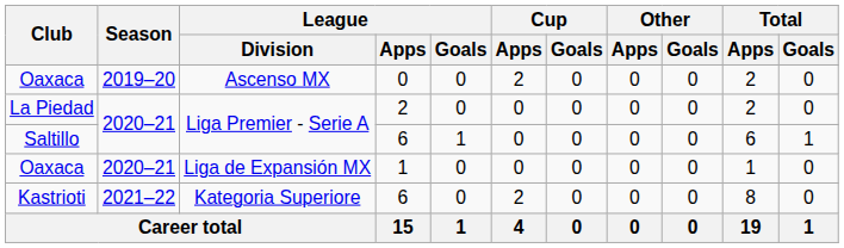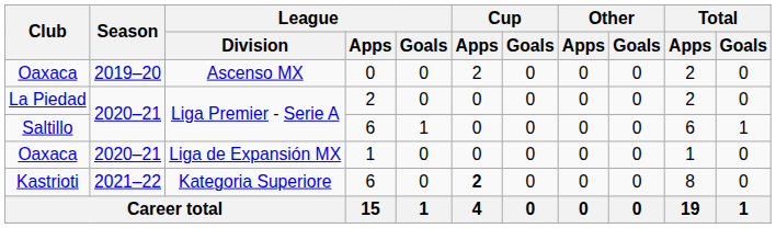 <table class=wikitable style=text-align:center>
 <tr>
 <th rowspan="2">Club</th>
 <th rowspan="2">Season</th>
 <th colspan="3">League</th>
 <th colspan="2">Cup</th>
 <th colspan="2">Other</th>
 <th colspan="2">Total</th>
 </tr>
 <tr>
 <th>Division</th>
 <th>Apps</th>
 <th>Goals</th>
 <th>Apps</th>
 <th>Goals</th>
 <th>Apps</th>
 <th>Goals</th>
 <th>Apps</th>
 <th>Goals</th>
 </tr>
 <tr>
 <td><a href='#'>Oaxaca</a></td>
 <td><a href='#'>2019–20</a></td>
 <td><a href='#'>Ascenso MX</a></td>
 <td>0</td>
 <td>0</td>
 <td>2</td>
 <td>0</td>
 <td>0</td>
 <td>0</td>
 <td>2</td>
 <td>0</td>
 </tr>
 <tr>
 <td><a href='#'>La Piedad</a></td>
 <td rowspan="2"><a href='#'>2020–21</a></td>
 <td rowspan="2"><a href='#'>Liga Premier</a> - <a href='#'>Serie A</a></td>
 <td>2</td>
 <td>0</td>
 <td>0</td>
 <td>0</td>
 <td>0</td>
 <td>0</td>
 <td>2</td>
 <td>0</td>
 </tr>
 <tr>
 <td><a href='#'>Saltillo</a></td>
 <td>6</td>
 <td>1</td>
 <td>0</td>
 <td>0</td>
 <td>0</td>
 <td>0</td>
 <td>6</td>
 <td>1</td>
 </tr>
 <tr>
 <td><a href='#'>Oaxaca</a></td>
 <td><a href='#'>2020–21</a></td>
 <td><a href='#'>Liga de Expansión MX</a></td>
 <td>1</td>
 <td>0</td>
 <td>0</td>
 <td>0</td>
 <td>0</td>
 <td>0</td>
 <td>1</td>
 <td>0</td>
 </tr>
 <tr>
 <td><a href='#'>Kastrioti</a></td>
 <td><a href='#'>2021–22</a></td>
 <td><a href='#'>Kategoria Superiore</a></td>
 <td>6</td>
 <td>0</td>
-<td>2</td>
+<td><strong>2</strong></td>
 <td>0</td>
 <td>0</td>
 <td>0</td>
 <td>8</td>
 <td>0</td>
 </tr>
 <tr>
 <th colspan="3"><strong>Career total</strong></th>
 <th>15</th>
 <th>1</th>
 <th>4</th>
 <th>0</th>
 <th>0</th>
 <th>0</th>
 <th>19</th>
 <th>1</th>
 </tr>
 </table>
